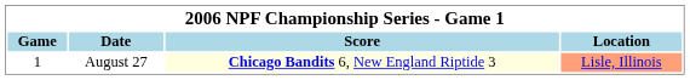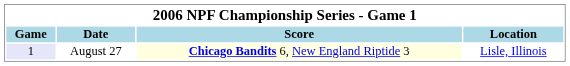 <table cellpadding="1"  style="min-width:45em;text-align:center;font-size:100%; border:1px solid gray;">
 <tr style="font-size:larger;">
 <th colspan=8>2006 NPF Championship Series - Game 1</th>
 </tr>
 <tr style="background:lightblue;">
 <th>Game</th>
 <th>Date</th>
 <th>Score</th>
 <th>Location</th>
 </tr>
 <tr>
-<td>1</td>
+<td style="background: lavender;">1</td>
 <td>August 27</td>
 <td style="background: lightyellow;"><strong><a href='#'>Chicago Bandits</a></strong> 6, <a href='#'>New England Riptide</a> 3</td>
-<td style="background: lightsalmon;"><a href='#'>Lisle, Illinois</a></td>
+<td><a href='#'>Lisle, Illinois</a></td>
 </tr>
 </table>
